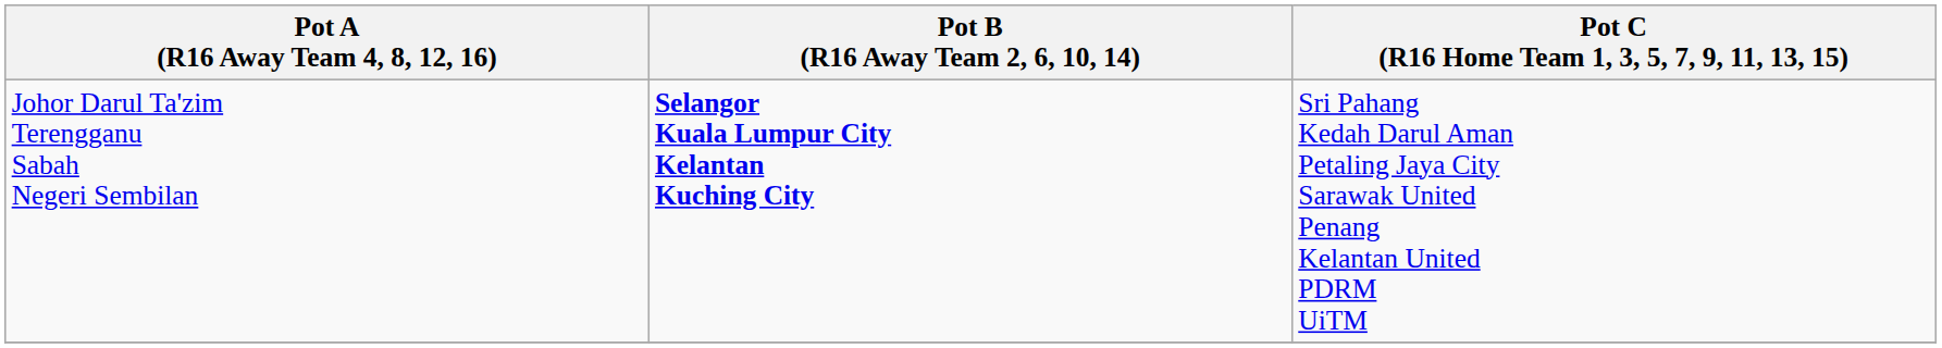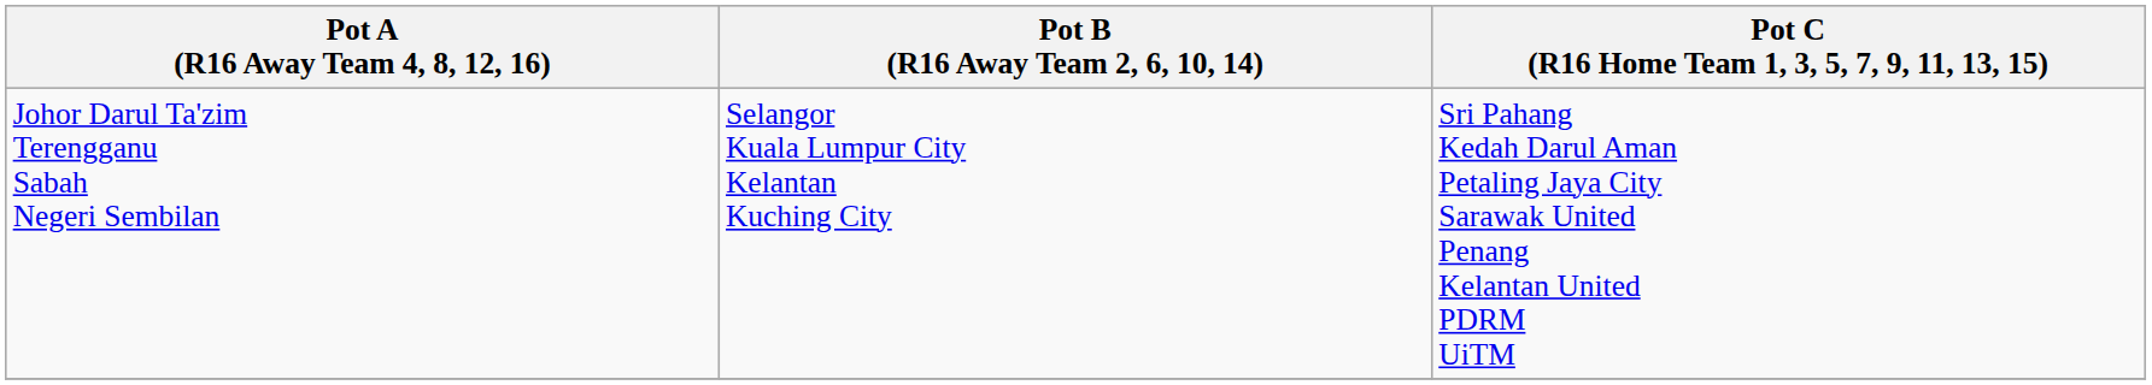 <table class=wikitable>
 <tr>
 <th width="25%">Pot A<br> (R16 Away Team 4, 8, 12, 16)</th>
 <th width="25%">Pot B<br> (R16 Away Team 2, 6, 10, 14)</th>
 <th width="25%">Pot C<br> (R16 Home Team 1, 3, 5, 7, 9, 11, 13, 15)</th>
 </tr>
 <tr valign=top>
 <td rowspan=1><a href='#'>Johor Darul Ta'zim</a><br><a href='#'>Terengganu</a><br><a href='#'>Sabah</a><br><a href='#'>Negeri Sembilan</a></td>
-<td rowspan=1><strong><a href='#'>Selangor</a><br><a href='#'>Kuala Lumpur City</a><br><a href='#'>Kelantan</a><br><a href='#'>Kuching City</a></strong></td>
+<td rowspan=1><a href='#'>Selangor</a><br><a href='#'>Kuala Lumpur City</a><br><a href='#'>Kelantan</a><br><a href='#'>Kuching City</a></td>
 <td rowspan=1><a href='#'>Sri Pahang</a><br><a href='#'>Kedah Darul Aman</a><br><a href='#'>Petaling Jaya City</a><br><a href='#'>Sarawak United</a><br><a href='#'>Penang</a><br><a href='#'>Kelantan United</a><br><a href='#'>PDRM</a><br><a href='#'>UiTM</a></td>
 </tr>
 <tr>
 </tr>
 </table>
